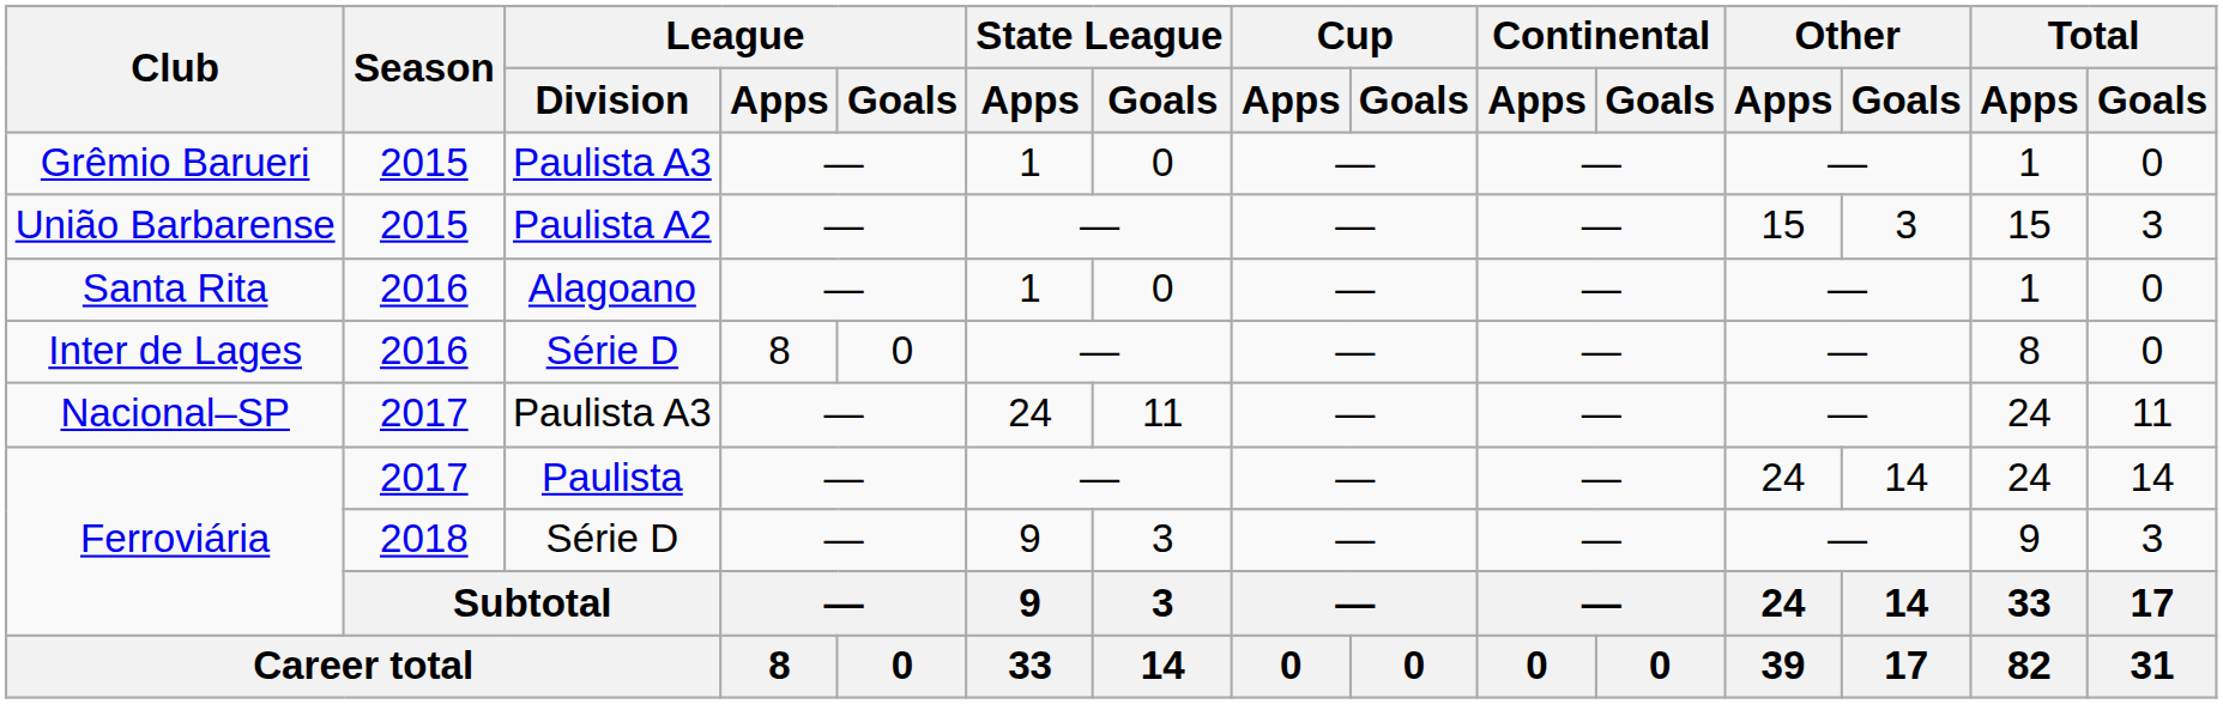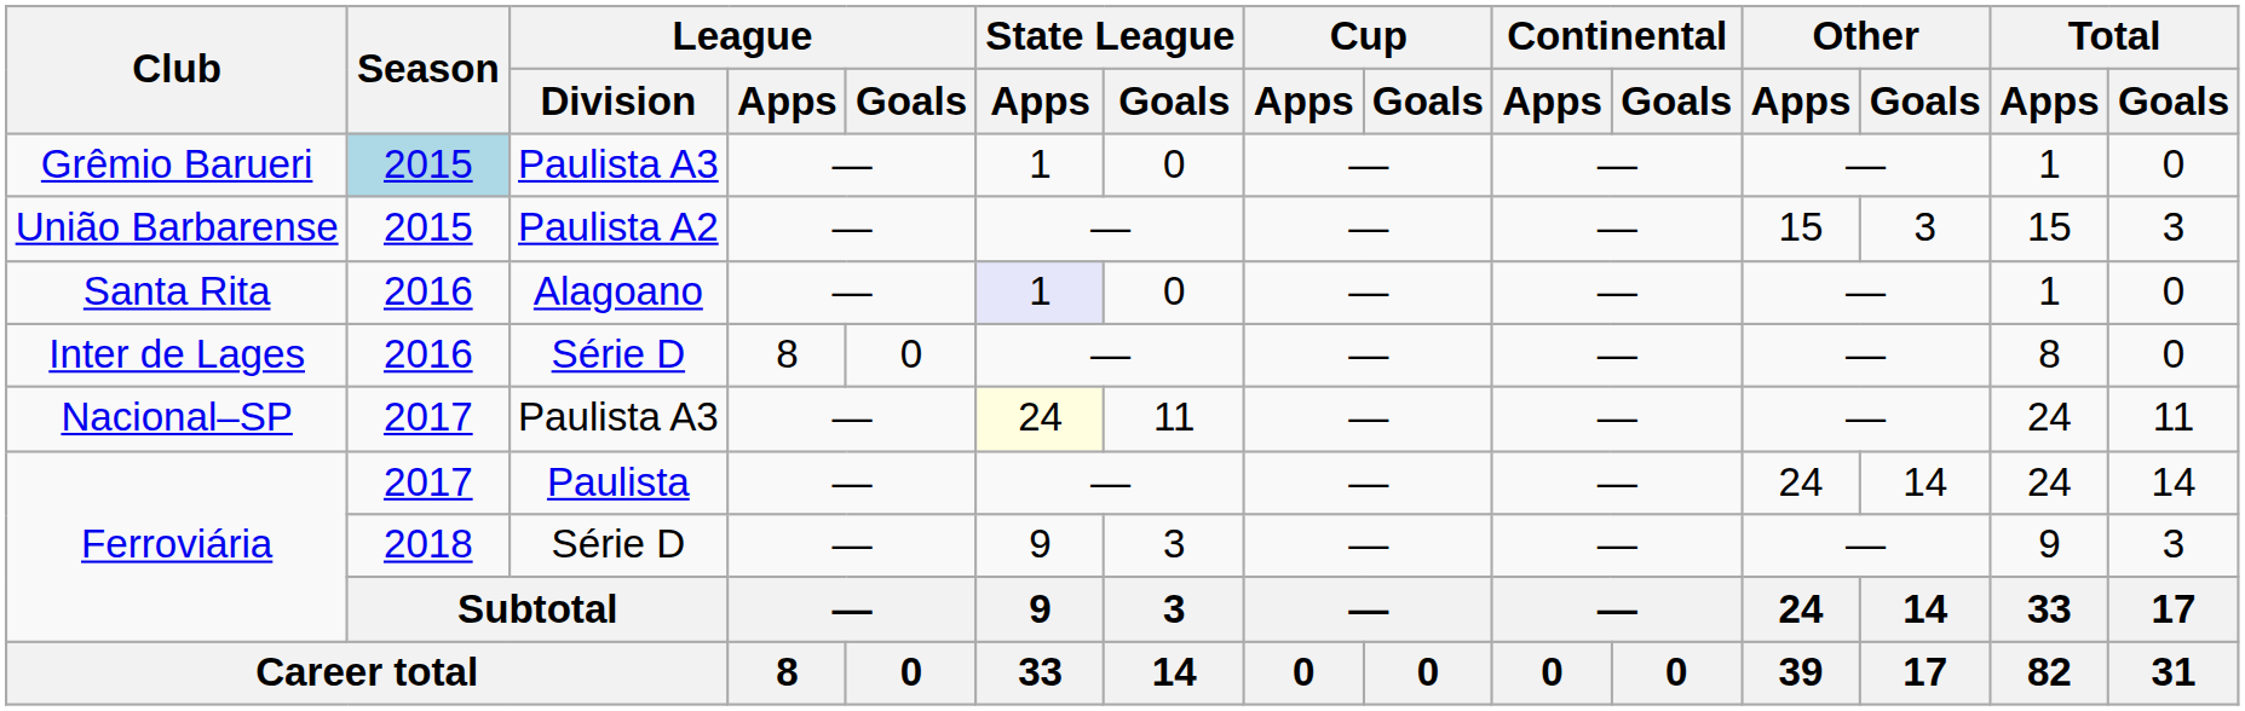 <table class="wikitable" style="text-align: center;">
 <tr>
 <th rowspan="2">Club</th>
 <th rowspan="2">Season</th>
 <th colspan="3">League</th>
 <th colspan="2">State League</th>
 <th colspan="2">Cup</th>
 <th colspan="2">Continental</th>
 <th colspan="2">Other</th>
 <th colspan="2">Total</th>
 </tr>
 <tr>
 <th>Division</th>
 <th>Apps</th>
 <th>Goals</th>
 <th>Apps</th>
 <th>Goals</th>
 <th>Apps</th>
 <th>Goals</th>
 <th>Apps</th>
 <th>Goals</th>
 <th>Apps</th>
 <th>Goals</th>
 <th>Apps</th>
 <th>Goals</th>
 </tr>
 <tr>
 <td align="center"><a href='#'>Grêmio Barueri</a></td>
-<td><a href='#'>2015</a></td>
+<td style="background: lightblue;"><a href='#'>2015</a></td>
 <td><a href='#'>Paulista A3</a></td>
 <td colspan="2">—</td>
 <td>1</td>
 <td>0</td>
 <td colspan="2">—</td>
 <td colspan="2">—</td>
 <td colspan="2">—</td>
 <td>1</td>
 <td>0</td>
 </tr>
 <tr>
 <td align="center"><a href='#'>União Barbarense</a></td>
 <td><a href='#'>2015</a></td>
 <td><a href='#'>Paulista A2</a></td>
 <td colspan="2">—</td>
 <td colspan="2">—</td>
 <td colspan="2">—</td>
 <td colspan="2">—</td>
 <td>15</td>
 <td>3</td>
 <td>15</td>
 <td>3</td>
 </tr>
 <tr>
 <td align="center"><a href='#'>Santa Rita</a></td>
 <td><a href='#'>2016</a></td>
 <td><a href='#'>Alagoano</a></td>
 <td colspan="2">—</td>
-<td>1</td>
+<td style="background: lavender;">1</td>
 <td>0</td>
 <td colspan="2">—</td>
 <td colspan="2">—</td>
 <td colspan="2">—</td>
 <td>1</td>
 <td>0</td>
 </tr>
 <tr>
 <td align="center"><a href='#'>Inter de Lages</a></td>
 <td><a href='#'>2016</a></td>
 <td><a href='#'>Série D</a></td>
 <td>8</td>
 <td>0</td>
 <td colspan="2">—</td>
 <td colspan="2">—</td>
 <td colspan="2">—</td>
 <td colspan="2">—</td>
 <td>8</td>
 <td>0</td>
 </tr>
 <tr>
 <td align="center"><a href='#'>Nacional–SP</a></td>
 <td><a href='#'>2017</a></td>
 <td>Paulista A3</td>
 <td colspan="2">—</td>
-<td>24</td>
+<td style="background: lightyellow;">24</td>
 <td>11</td>
 <td colspan="2">—</td>
 <td colspan="2">—</td>
 <td colspan="2">—</td>
 <td>24</td>
 <td>11</td>
 </tr>
 <tr>
 <td rowspan=3 align="center"><a href='#'>Ferroviária</a></td>
 <td><a href='#'>2017</a></td>
 <td><a href='#'>Paulista</a></td>
 <td colspan="2">—</td>
 <td colspan="2">—</td>
 <td colspan="2">—</td>
 <td colspan="2">—</td>
 <td>24</td>
 <td>14</td>
 <td>24</td>
 <td>14</td>
 </tr>
 <tr>
 <td><a href='#'>2018</a></td>
 <td>Série D</td>
 <td colspan="2">—</td>
 <td>9</td>
 <td>3</td>
 <td colspan="2">—</td>
 <td colspan="2">—</td>
 <td colspan="2">—</td>
 <td>9</td>
 <td>3</td>
 </tr>
 <tr>
 <th colspan="2">Subtotal</th>
 <th colspan="2">—</th>
 <th>9</th>
 <th>3</th>
 <th colspan="2">—</th>
 <th colspan="2">—</th>
 <th>24</th>
 <th>14</th>
 <th>33</th>
 <th>17</th>
 </tr>
 <tr>
 <th colspan="3"><strong>Career total</strong></th>
 <th>8</th>
 <th>0</th>
 <th>33</th>
 <th>14</th>
 <th>0</th>
 <th>0</th>
 <th>0</th>
 <th>0</th>
 <th>39</th>
 <th>17</th>
 <th>82</th>
 <th>31</th>
 </tr>
 </table>
